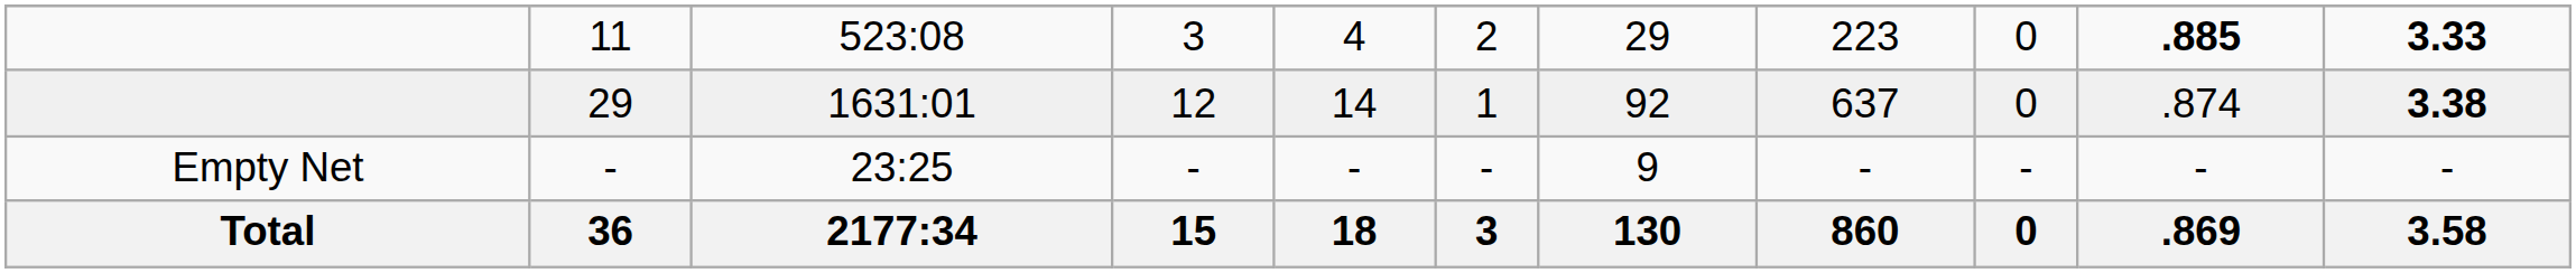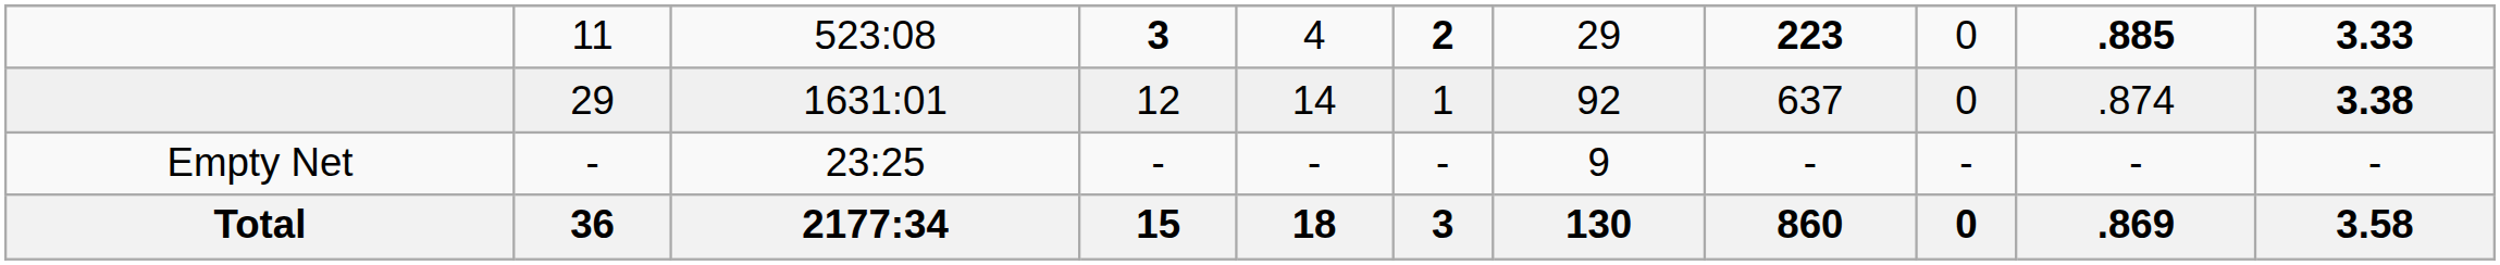 <table class="wikitable sortable" width ="1000">
 <tr align="center">
 </tr>
 <tr align="center" bgcolor="">
 <td></td>
 <td>11</td>
 <td>523:08</td>
-<td>3</td>
+<td><strong>3</strong></td>
 <td>4</td>
-<td>2</td>
+<td><strong>2</strong></td>
 <td>29</td>
-<td>223</td>
+<td><strong>223</strong></td>
 <td>0</td>
 <td><strong>.885</strong></td>
 <td><strong>3.33</strong></td>
 </tr>
 <tr align="center" bgcolor="f0f0f0">
 <td></td>
 <td>29</td>
 <td>1631:01</td>
 <td>12</td>
 <td>14</td>
 <td>1</td>
 <td>92</td>
 <td>637</td>
 <td>0</td>
 <td>.874</td>
 <td><strong>3.38</strong></td>
 </tr>
 <tr align="center" bgcolor="">
 <td>Empty Net</td>
 <td>-</td>
 <td>23:25</td>
 <td>-</td>
 <td>-</td>
 <td>-</td>
 <td>9</td>
 <td>-</td>
 <td>-</td>
 <td>-</td>
 <td>-</td>
 </tr>
 <tr>
 <th>Total</th>
 <th>36</th>
 <th>2177:34</th>
 <th>15</th>
 <th>18</th>
 <th>3</th>
 <th>130</th>
 <th>860</th>
 <th>0</th>
 <th>.869</th>
 <th>3.58</th>
 </tr>
 </table>
